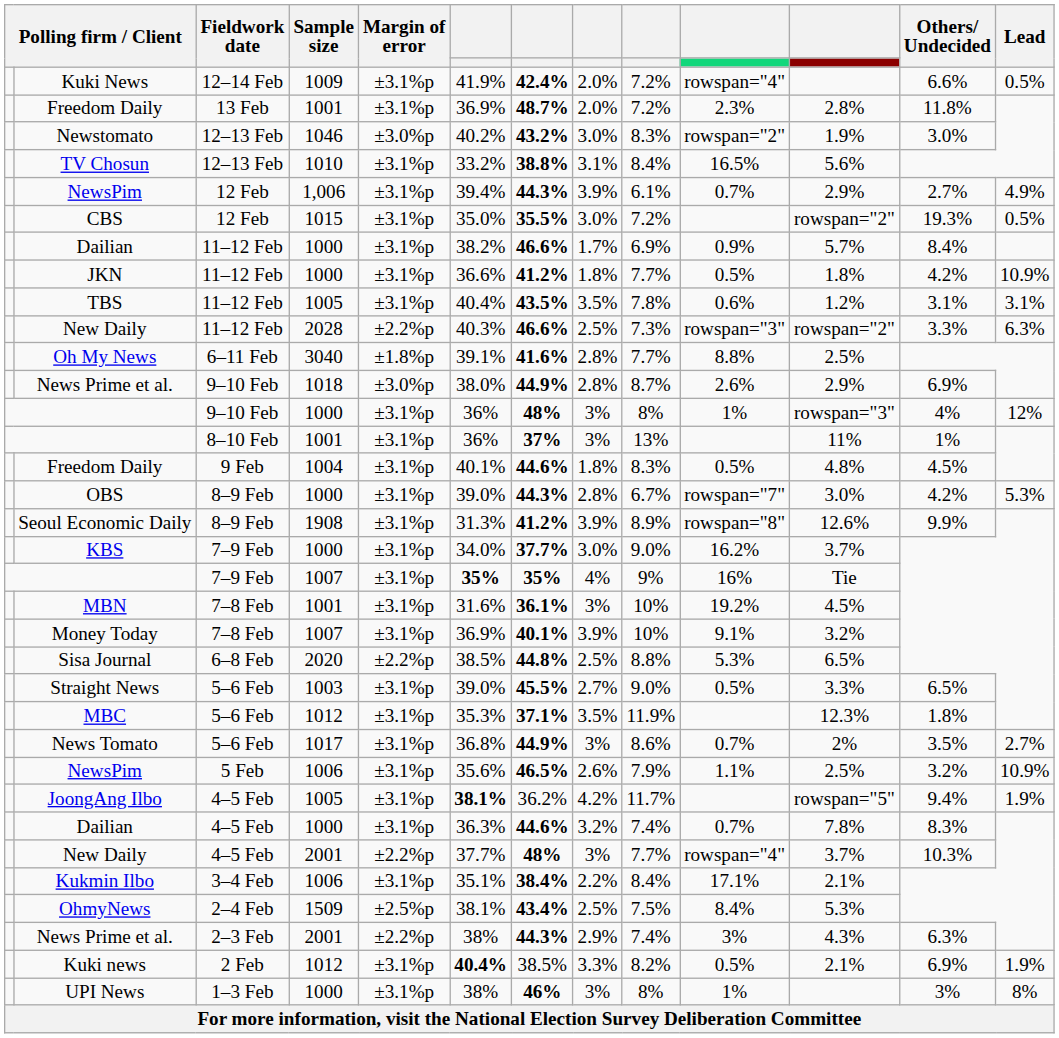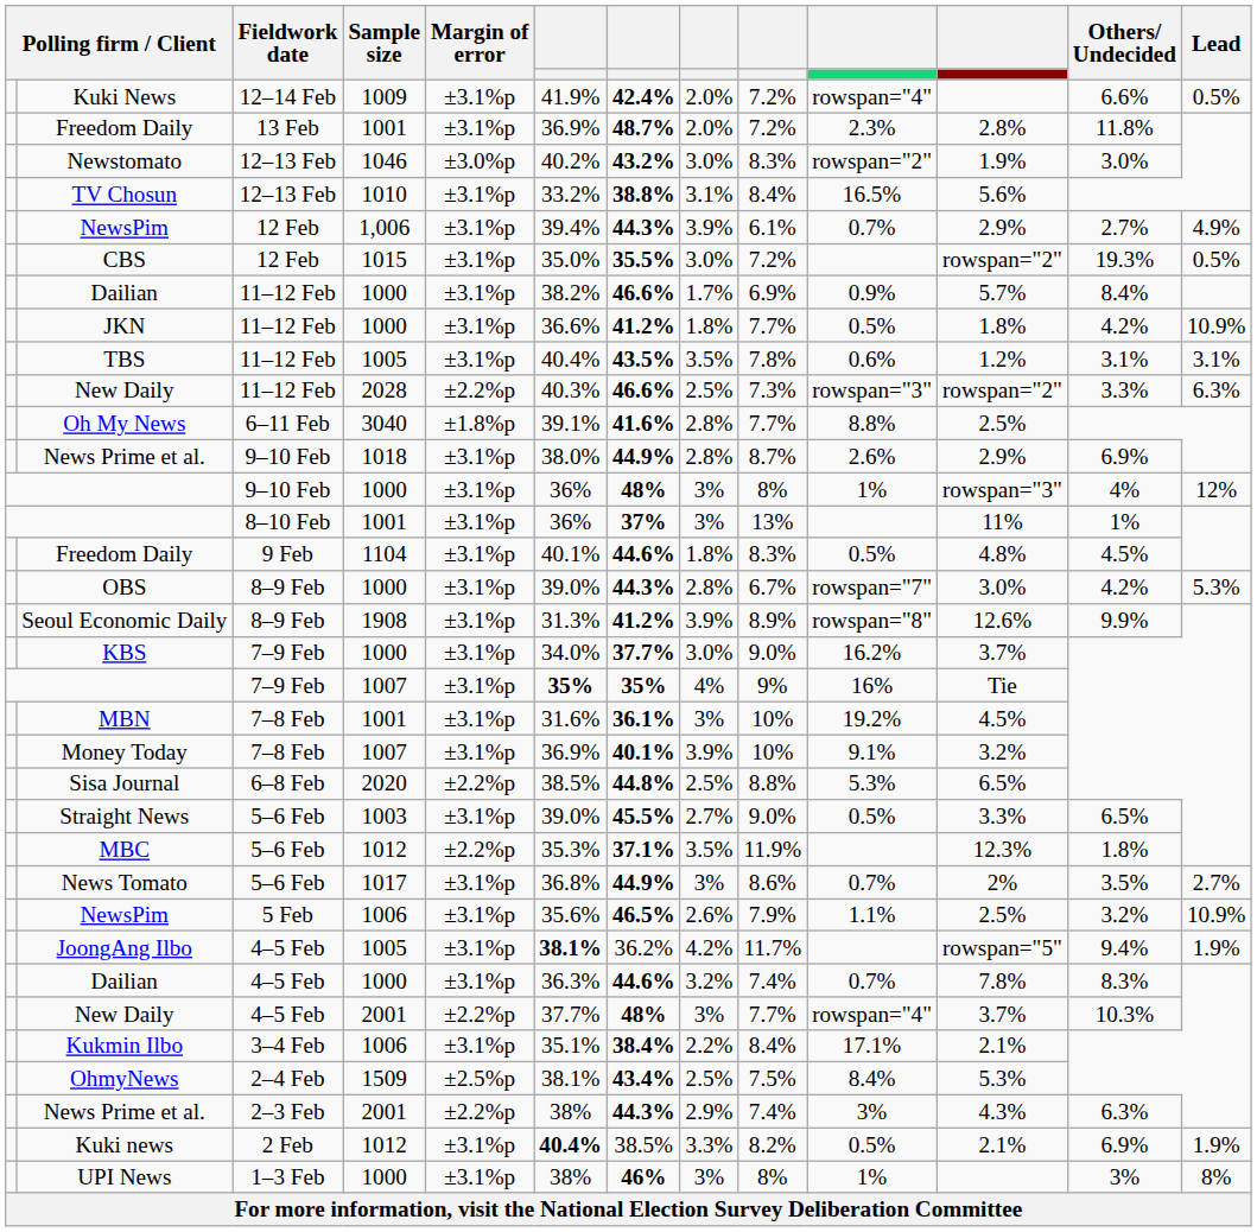 <table class="wikitable sortable mw-collapsible" style="text-align:center;font-size:90%;line-height:14px;">
 <tr style="height:40px;">
 <th rowspan="2" colspan="2" class="unsortable">Polling firm / Client</th>
 <th rowspan="2" class="unsortable">Fieldwork <br> date</th>
 <th rowspan="2" class="unsortable">Sample <br> size</th>
 <th rowspan="2" class="unsortable">Margin of <br> error</th>
 <th></th>
 <th></th>
 <th></th>
 <th></th>
 <th></th>
 <th></th>
 <th rowspan="2">Others/<br>Undecided</th>
 <th rowspan="2">Lead</th>
 </tr>
 <tr>
 <th class="unsortable" style="background-color: "></th>
 <th class="unsortable" style="background-color: "></th>
 <th class="unsortable" style="background-color: "></th>
 <th class="unsortable" style="background-color: "></th>
 <th class="unsortable" style="background-color: #12D77B"></th>
 <th class="unsortable" style="background-color: #8B0000"></th>
 </tr>
 <tr>
 <td></td>
 <td>Kuki News</td>
 <td>12–14 Feb</td>
 <td>1009</td>
 <td>±3.1%p</td>
 <td>41.9%</td>
 <td><strong>42.4%</strong></td>
 <td>2.0%</td>
 <td>7.2%</td>
 <td>rowspan="4"</td>
 <td></td>
 <td>6.6%</td>
 <td style="background:">0.5%</td>
 </tr>
 <tr>
 <td></td>
 <td>Freedom Daily</td>
 <td>13 Feb</td>
 <td>1001</td>
 <td>±3.1%p</td>
 <td>36.9%</td>
 <td><strong>48.7%</strong></td>
 <td>2.0%</td>
 <td>7.2%</td>
 <td>2.3%</td>
 <td>2.8%</td>
 <td style="background:">11.8%</td>
 </tr>
 <tr>
 <td></td>
 <td>Newstomato</td>
 <td>12–13 Feb</td>
 <td>1046</td>
 <td>±3.0%p</td>
 <td>40.2%</td>
 <td><strong>43.2%</strong></td>
 <td>3.0%</td>
 <td>8.3%</td>
 <td>rowspan="2"</td>
 <td>1.9%</td>
 <td style="background:">3.0%</td>
 </tr>
 <tr>
 <td></td>
 <td><a href='#'>TV Chosun</a></td>
 <td>12–13 Feb</td>
 <td>1010</td>
 <td>±3.1%p</td>
 <td>33.2%</td>
 <td><strong>38.8%</strong></td>
 <td>3.1%</td>
 <td>8.4%</td>
 <td>16.5%</td>
 <td style="background:">5.6%</td>
 </tr>
 <tr>
 <td></td>
 <td><a href='#'>NewsPim</a></td>
 <td>12 Feb</td>
 <td>1,006</td>
 <td>±3.1%p</td>
 <td>39.4%</td>
 <td><strong>44.3%</strong></td>
 <td>3.9%</td>
 <td>6.1%</td>
 <td>0.7%</td>
 <td>2.9%</td>
 <td>2.7%</td>
 <td style="background:">4.9%</td>
 </tr>
 <tr>
 <td></td>
 <td>CBS</td>
 <td>12 Feb</td>
 <td>1015</td>
 <td>±3.1%p</td>
 <td>35.0%</td>
 <td><strong>35.5%</strong></td>
 <td>3.0%</td>
 <td>7.2%</td>
 <td></td>
 <td>rowspan="2"</td>
 <td>19.3%</td>
 <td style="background:">0.5%</td>
 </tr>
 <tr>
 <td></td>
 <td>Dailian</td>
 <td>11–12 Feb</td>
 <td>1000</td>
 <td>±3.1%p</td>
 <td>38.2%</td>
 <td><strong>46.6%</strong></td>
 <td>1.7%</td>
 <td>6.9%</td>
 <td>0.9%</td>
 <td>5.7%</td>
 <td style="background:">8.4%</td>
 </tr>
 <tr>
 <td></td>
 <td>JKN</td>
 <td>11–12 Feb</td>
 <td>1000</td>
 <td>±3.1%p</td>
 <td>36.6%</td>
 <td><strong>41.2%</strong></td>
 <td>1.8%</td>
 <td>7.7%</td>
 <td>0.5%</td>
 <td>1.8%</td>
 <td>4.2%</td>
 <td style="background:">10.9%</td>
 </tr>
 <tr>
 <td></td>
 <td>TBS</td>
 <td>11–12 Feb</td>
 <td>1005</td>
 <td>±3.1%p</td>
 <td>40.4%</td>
 <td><strong>43.5%</strong></td>
 <td>3.5%</td>
 <td>7.8%</td>
 <td>0.6%</td>
 <td>1.2%</td>
 <td>3.1%</td>
 <td style="background:">3.1%</td>
 </tr>
 <tr>
 <td></td>
 <td>New Daily</td>
 <td>11–12 Feb</td>
 <td>2028</td>
 <td>±2.2%p</td>
 <td>40.3%</td>
 <td><strong>46.6%</strong></td>
 <td>2.5%</td>
 <td>7.3%</td>
 <td>rowspan="3"</td>
 <td>rowspan="2"</td>
 <td>3.3%</td>
 <td style="background:">6.3%</td>
 </tr>
 <tr>
 <td></td>
 <td><a href='#'>Oh My News</a></td>
 <td>6–11 Feb</td>
 <td>3040</td>
 <td>±1.8%p</td>
 <td>39.1%</td>
 <td><strong>41.6%</strong></td>
 <td>2.8%</td>
 <td>7.7%</td>
 <td>8.8%</td>
 <td style="background:">2.5%</td>
 </tr>
 <tr>
 <td></td>
 <td>News Prime et al.</td>
 <td>9–10 Feb</td>
 <td>1018</td>
-<td>±3.0%p</td>
+<td>±3.1%p</td>
 <td>38.0%</td>
 <td><strong>44.9%</strong></td>
 <td>2.8%</td>
 <td>8.7%</td>
 <td>2.6%</td>
 <td>2.9%</td>
 <td style="background:">6.9%</td>
 </tr>
 <tr>
 <td colspan="2"></td>
 <td>9–10 Feb</td>
 <td>1000</td>
 <td>±3.1%p</td>
 <td>36%</td>
 <td><strong>48%</strong></td>
 <td>3%</td>
 <td>8%</td>
 <td>1%</td>
 <td>rowspan="3"</td>
 <td>4%</td>
 <td style="background:">12%</td>
 </tr>
 <tr>
 <td colspan="2"></td>
 <td>8–10 Feb</td>
 <td>1001</td>
 <td>±3.1%p</td>
 <td>36%</td>
 <td><strong>37%</strong></td>
 <td>3%</td>
 <td>13%</td>
 <td></td>
 <td>11%</td>
 <td style="background:">1%</td>
 </tr>
 <tr>
 <td></td>
 <td>Freedom Daily</td>
 <td>9 Feb</td>
-<td>1004</td>
+<td>1104</td>
 <td>±3.1%p</td>
 <td>40.1%</td>
 <td><strong>44.6%</strong></td>
 <td>1.8%</td>
 <td>8.3%</td>
 <td>0.5%</td>
 <td>4.8%</td>
 <td style="background:">4.5%</td>
 </tr>
 <tr>
 <td></td>
 <td>OBS</td>
 <td>8–9 Feb</td>
 <td>1000</td>
 <td>±3.1%p</td>
 <td>39.0%</td>
 <td><strong>44.3%</strong></td>
 <td>2.8%</td>
 <td>6.7%</td>
 <td>rowspan="7"</td>
 <td>3.0%</td>
 <td>4.2%</td>
 <td style="background:">5.3%</td>
 </tr>
 <tr>
 <td></td>
 <td>Seoul Economic Daily</td>
 <td>8–9 Feb</td>
 <td>1908</td>
 <td>±3.1%p</td>
 <td>31.3%</td>
 <td><strong>41.2%</strong></td>
 <td>3.9%</td>
 <td>8.9%</td>
 <td>rowspan="8"</td>
 <td>12.6%</td>
 <td style="background:">9.9%</td>
 </tr>
 <tr>
 <td></td>
 <td><a href='#'>KBS</a></td>
 <td>7–9 Feb</td>
 <td>1000</td>
 <td>±3.1%p</td>
 <td>34.0%</td>
 <td><strong>37.7%</strong></td>
 <td>3.0%</td>
 <td>9.0%</td>
 <td>16.2%</td>
 <td style="background:">3.7%</td>
 </tr>
 <tr>
 <td colspan="2"></td>
 <td>7–9 Feb</td>
 <td>1007</td>
 <td>±3.1%p</td>
 <td><strong>35%</strong></td>
 <td><strong>35%</strong></td>
 <td>4%</td>
 <td>9%</td>
 <td>16%</td>
 <td>Tie</td>
 </tr>
 <tr>
 <td></td>
 <td><a href='#'>MBN</a></td>
 <td>7–8 Feb</td>
 <td>1001</td>
 <td>±3.1%p</td>
 <td>31.6%</td>
 <td><strong>36.1%</strong></td>
 <td>3%</td>
 <td>10%</td>
 <td>19.2%</td>
 <td style="background:">4.5%</td>
 </tr>
 <tr>
 <td></td>
 <td>Money Today</td>
 <td>7–8 Feb</td>
 <td>1007</td>
 <td>±3.1%p</td>
 <td>36.9%</td>
 <td><strong>40.1%</strong></td>
 <td>3.9%</td>
 <td>10%</td>
 <td>9.1%</td>
 <td style="background:">3.2%</td>
 </tr>
 <tr>
 <td></td>
 <td>Sisa Journal</td>
 <td>6–8 Feb</td>
 <td>2020</td>
 <td>±2.2%p</td>
 <td>38.5%</td>
 <td><strong>44.8%</strong></td>
 <td>2.5%</td>
 <td>8.8%</td>
 <td>5.3%</td>
 <td style="background:">6.5%</td>
 </tr>
 <tr>
 <td></td>
 <td>Straight News</td>
 <td>5–6 Feb</td>
 <td>1003</td>
 <td>±3.1%p</td>
 <td>39.0%</td>
 <td><strong>45.5%</strong></td>
 <td>2.7%</td>
 <td>9.0%</td>
 <td>0.5%</td>
 <td>3.3%</td>
 <td style="background:">6.5%</td>
 </tr>
 <tr>
 <td></td>
 <td><a href='#'>MBC</a></td>
 <td>5–6 Feb</td>
 <td>1012</td>
-<td>±3.1%p</td>
+<td>±2.2%p</td>
 <td>35.3%</td>
 <td><strong>37.1%</strong></td>
 <td>3.5%</td>
 <td>11.9%</td>
 <td></td>
 <td>12.3%</td>
 <td style="background:">1.8%</td>
 </tr>
 <tr>
 <td></td>
 <td>News Tomato</td>
 <td>5–6 Feb</td>
 <td>1017</td>
 <td>±3.1%p</td>
 <td>36.8%</td>
 <td><strong>44.9%</strong></td>
 <td>3%</td>
 <td>8.6%</td>
 <td>0.7%</td>
 <td>2%</td>
 <td>3.5%</td>
 <td style="background:">2.7%</td>
 </tr>
 <tr>
 <td></td>
 <td><a href='#'>NewsPim</a></td>
 <td>5 Feb</td>
 <td>1006</td>
 <td>±3.1%p</td>
 <td>35.6%</td>
 <td><strong>46.5%</strong></td>
 <td>2.6%</td>
 <td>7.9%</td>
 <td>1.1%</td>
 <td>2.5%</td>
 <td>3.2%</td>
 <td style="background:">10.9%</td>
 </tr>
 <tr>
 <td></td>
 <td><a href='#'>JoongAng Ilbo</a></td>
 <td>4–5 Feb</td>
 <td>1005</td>
 <td>±3.1%p</td>
 <td><strong>38.1%</strong></td>
 <td>36.2%</td>
 <td>4.2%</td>
 <td>11.7%</td>
 <td></td>
 <td>rowspan="5"</td>
 <td>9.4%</td>
 <td style="background:">1.9%</td>
 </tr>
 <tr>
 <td></td>
 <td>Dailian</td>
 <td>4–5 Feb</td>
 <td>1000</td>
 <td>±3.1%p</td>
 <td>36.3%</td>
 <td><strong>44.6%</strong></td>
 <td>3.2%</td>
 <td>7.4%</td>
 <td>0.7%</td>
 <td>7.8%</td>
 <td style="background:">8.3%</td>
 </tr>
 <tr>
 <td></td>
 <td>New Daily</td>
 <td>4–5 Feb</td>
 <td>2001</td>
 <td>±2.2%p</td>
 <td>37.7%</td>
 <td><strong>48%</strong></td>
 <td>3%</td>
 <td>7.7%</td>
 <td>rowspan="4"</td>
 <td>3.7%</td>
 <td style="background:">10.3%</td>
 </tr>
 <tr>
 <td></td>
 <td><a href='#'>Kukmin Ilbo</a></td>
 <td>3–4 Feb</td>
 <td>1006</td>
 <td>±3.1%p</td>
 <td>35.1%</td>
 <td><strong>38.4%</strong></td>
 <td>2.2%</td>
 <td>8.4%</td>
 <td>17.1%</td>
 <td style="background:">2.1%</td>
 </tr>
 <tr>
 <td></td>
 <td><a href='#'>OhmyNews</a></td>
 <td>2–4 Feb</td>
 <td>1509</td>
 <td>±2.5%p</td>
 <td>38.1%</td>
 <td><strong>43.4%</strong></td>
 <td>2.5%</td>
 <td>7.5%</td>
 <td>8.4%</td>
 <td style="background:">5.3%</td>
 </tr>
 <tr>
 <td></td>
 <td>News Prime et al.</td>
 <td>2–3 Feb</td>
 <td>2001</td>
 <td>±2.2%p</td>
 <td>38%</td>
 <td><strong>44.3%</strong></td>
 <td>2.9%</td>
 <td>7.4%</td>
 <td>3%</td>
 <td>4.3%</td>
 <td style="background:">6.3%</td>
 </tr>
 <tr>
 <td></td>
 <td>Kuki news</td>
 <td>2 Feb</td>
 <td>1012</td>
 <td>±3.1%p</td>
 <td><strong>40.4%</strong></td>
 <td>38.5%</td>
 <td>3.3%</td>
 <td>8.2%</td>
 <td>0.5%</td>
 <td>2.1%</td>
 <td>6.9%</td>
 <td style="background:">1.9%</td>
 </tr>
 <tr>
 <td></td>
 <td>UPI News</td>
 <td>1–3 Feb</td>
 <td>1000</td>
 <td>±3.1%p</td>
 <td>38%</td>
 <td><strong>46%</strong></td>
 <td>3%</td>
 <td>8%</td>
 <td>1%</td>
 <td></td>
 <td>3%</td>
 <td style="background:">8%</td>
 </tr>
 <tr>
 <th colspan="13">For more information, visit the National Election Survey Deliberation Committee</th>
 </tr>
 </table>
